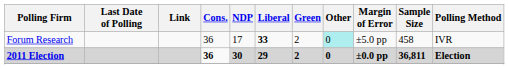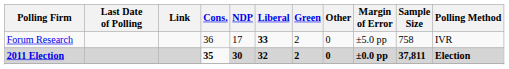 <table class="wikitable sortable">
 <tr style="background:#e9e9e9;">
 <th style="width:120px">Polling Firm</th>
 <th style="width:110px">Last Date<br>of Polling</th>
 <th style="width:60px" class="unsortable">Link</th>
 <th style="background-color:"><strong><a href='#'>Cons.</a></strong></th>
 <th style="background-color:"><strong><a href='#'>NDP</a></strong></th>
 <th style="background-color:"><strong><a href='#'>Liberal</a></strong></th>
 <th style="background-color:"><strong><a href='#'>Green</a></strong></th>
 <th style="background-color:"><strong>Other</strong></th>
 <th style="width:60px;" class=unsortable>Margin<br>of Error</th>
 <th style="width:50px;" class=unsortable>Sample<br>Size</th>
 <th class=unsortable>Polling Method</th>
 </tr>
 <tr>
 <td><a href='#'>Forum Research</a></td>
 <td></td>
 <td></td>
 <td>36</td>
 <td>17</td>
 <td><strong>33</strong></td>
 <td>2</td>
-<td style="background: paleturquoise;">0</td>
+<td>0</td>
 <td>±5.0 pp</td>
-<td>458</td>
+<td>758</td>
 <td>IVR</td>
 </tr>
 <tr>
 <td style="background:#D5D5D5"><strong><a href='#'>2011 Election</a></strong></td>
 <td style="background:#D5D5D5"><strong></strong></td>
 <td style="background:#D5D5D5"></td>
-<td><strong>36</strong></td>
+<td><strong>35</strong></td>
 <td style="background:#D5D5D5"><strong>30</strong></td>
-<td style="background:#D5D5D5"><strong>29</strong></td>
+<td style="background:#D5D5D5"><strong>32</strong></td>
 <td style="background:#D5D5D5"><strong>2</strong></td>
 <td style="background:#D5D5D5"><strong>0</strong></td>
 <td style="background:#D5D5D5"><strong>±0.0 pp</strong></td>
-<td style="background:#D5D5D5"><strong>36,811</strong></td>
+<td style="background:#D5D5D5"><strong>37,811</strong></td>
 <td style="background:#D5D5D5"><strong>Election</strong></td>
 </tr>
 <tr>
 </tr>
 <tr>
 </tr>
 </table>
